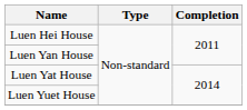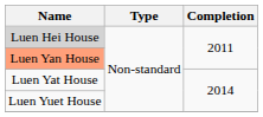 <table class="wikitable" style="text-align: center">
 <tr>
 <th>Name</th>
 <th>Type</th>
 <th>Completion</th>
 </tr>
 <tr>
-<td>Luen Hei House</td>
+<td style="background: lightgrey;">Luen Hei House</td>
 <td rowspan="4">Non-standard</td>
 <td rowspan="2">2011</td>
 </tr>
 <tr>
-<td>Luen Yan House</td>
+<td style="background: lightsalmon;">Luen Yan House</td>
 </tr>
 <tr>
 <td>Luen Yat House</td>
 <td rowspan="2">2014</td>
 </tr>
 <tr>
 <td>Luen Yuet House</td>
 </tr>
 <tr>
 </tr>
 </table>
